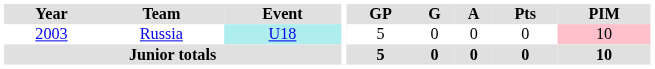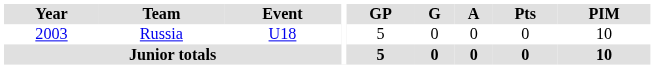 <table border="0" cellpadding="1" cellspacing="0" ID="Table3" style="text-align:center; width:40em">
 <tr ALIGN="center" bgcolor="#e0e0e0">
 <th>Year</th>
 <th>Team</th>
 <th>Event</th>
 <th rowspan="99" bgcolor="#ffffff"></th>
 <th>GP</th>
 <th>G</th>
 <th>A</th>
 <th>Pts</th>
 <th>PIM</th>
 </tr>
 <tr>
 <td><a href='#'>2003</a></td>
 <td><a href='#'>Russia</a></td>
-<td style="background: paleturquoise;"><a href='#'>U18</a></td>
+<td><a href='#'>U18</a></td>
 <td>5</td>
 <td>0</td>
 <td>0</td>
 <td>0</td>
-<td style="background: pink;">10</td>
+<td>10</td>
 </tr>
 <tr bgcolor="#e0e0e0">
 <th colspan="3">Junior totals</th>
 <th>5</th>
 <th>0</th>
 <th>0</th>
 <th>0</th>
 <th>10</th>
 </tr>
 </table>
